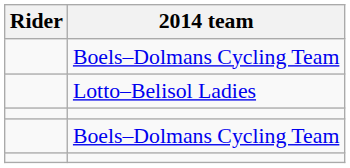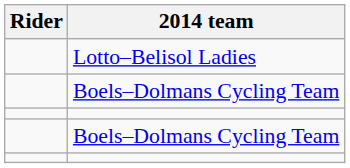 <table class="wikitable">
 <tr>
 <th>Rider</th>
 <th>2014 team</th>
 </tr>
 <tr>
 <td></td>
-<td><a href='#'>Boels–Dolmans Cycling Team</a></td>
+<td><a href='#'>Lotto–Belisol Ladies</a></td>
 </tr>
 <tr>
 <td></td>
-<td><a href='#'>Lotto–Belisol Ladies</a></td>
+<td><a href='#'>Boels–Dolmans Cycling Team</a></td>
 </tr>
 <tr>
 <td></td>
 <td></td>
 </tr>
 <tr>
 <td></td>
 <td><a href='#'>Boels–Dolmans Cycling Team</a></td>
 </tr>
 <tr>
 <td></td>
 <td></td>
 </tr>
 </table>
